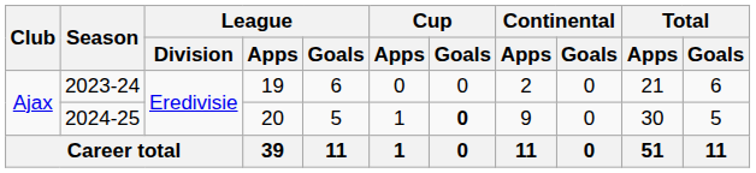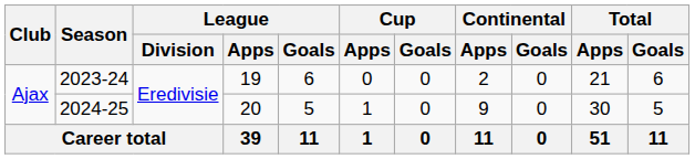 <table class="wikitable" style="text-align: center;">
 <tr>
 <th rowspan="2">Club</th>
 <th rowspan="2">Season</th>
 <th colspan="3">League</th>
 <th colspan="2">Cup</th>
 <th colspan="2"><strong>Continental</strong></th>
 <th colspan="2">Total</th>
 </tr>
 <tr>
 <th>Division</th>
 <th>Apps</th>
 <th>Goals</th>
 <th>Apps</th>
 <th>Goals</th>
 <th>Apps</th>
 <th>Goals</th>
 <th>Apps</th>
 <th>Goals</th>
 </tr>
 <tr>
 <td rowspan="2"><a href='#'>Ajax</a></td>
 <td>2023-24</td>
 <td rowspan="2"><a href='#'>Eredivisie</a></td>
 <td>19</td>
 <td>6</td>
 <td>0</td>
 <td>0</td>
 <td>2</td>
 <td>0</td>
 <td>21</td>
 <td>6</td>
 </tr>
 <tr>
 <td>2024-25</td>
 <td>20</td>
 <td>5</td>
 <td>1</td>
-<td><strong>0</strong></td>
+<td>0</td>
 <td>9</td>
 <td>0</td>
 <td>30</td>
 <td>5</td>
 </tr>
 <tr>
 <th colspan="3">Career total</th>
 <th>39</th>
 <th>11</th>
 <th>1</th>
 <th>0</th>
 <th>11</th>
 <th>0</th>
 <th>51</th>
 <th>11</th>
 </tr>
 </table>
